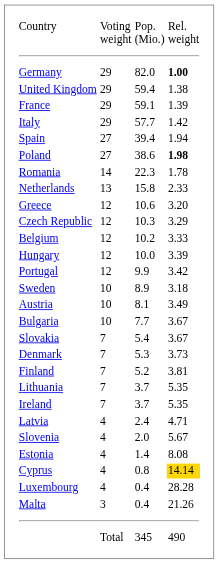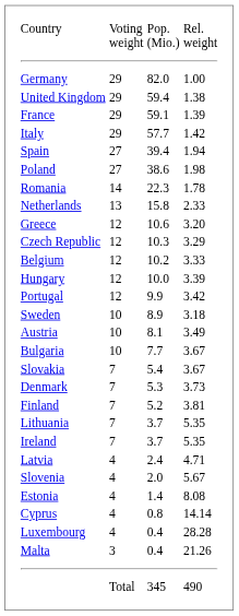 <table style="font-size:87%; float:right; clear:both; padding:1em; margin:0; margin:1em; border-width:1px; border-style:solid; border-color:gray; padding:1em">
 <tr valign=top>
 <td align=left>Country</td>
 <td>Voting<br>weight</td>
 <td>Pop.<br>(Mio.)</td>
 <td>Rel.<br>weight</td>
 </tr>
 <tr>
 <td colspan=4><hr></td>
 </tr>
 <tr>
 <td><a href='#'>Germany</a></td>
 <td>29</td>
 <td>82.0</td>
-<td><strong>1.00</strong></td>
+<td>1.00</td>
 </tr>
 <tr>
 <td><a href='#'>United Kingdom</a></td>
 <td>29</td>
 <td>59.4</td>
 <td>1.38</td>
 </tr>
 <tr>
 <td><a href='#'>France</a></td>
 <td>29</td>
 <td>59.1</td>
 <td>1.39</td>
 </tr>
 <tr>
 <td><a href='#'>Italy</a></td>
 <td>29</td>
 <td>57.7</td>
 <td>1.42</td>
 </tr>
 <tr>
 <td><a href='#'>Spain</a></td>
 <td>27</td>
 <td>39.4</td>
 <td>1.94</td>
 </tr>
 <tr>
 <td><a href='#'>Poland</a></td>
 <td>27</td>
 <td>38.6</td>
-<td><strong>1.98</strong></td>
+<td>1.98</td>
 </tr>
 <tr>
 <td><a href='#'>Romania</a></td>
 <td>14</td>
 <td>22.3</td>
 <td>1.78</td>
 </tr>
 <tr>
 <td><a href='#'>Netherlands</a></td>
 <td>13</td>
 <td>15.8</td>
 <td>2.33</td>
 </tr>
 <tr>
 <td><a href='#'>Greece</a></td>
 <td>12</td>
 <td>10.6</td>
 <td>3.20</td>
 </tr>
 <tr>
 <td><a href='#'>Czech Republic</a></td>
 <td>12</td>
 <td>10.3</td>
 <td>3.29</td>
 </tr>
 <tr>
 <td><a href='#'>Belgium</a></td>
 <td>12</td>
 <td>10.2</td>
 <td>3.33</td>
 </tr>
 <tr>
 <td><a href='#'>Hungary</a></td>
 <td>12</td>
 <td>10.0</td>
 <td>3.39</td>
 </tr>
 <tr>
 <td><a href='#'>Portugal</a></td>
 <td>12</td>
 <td>9.9</td>
 <td>3.42</td>
 </tr>
 <tr>
 <td><a href='#'>Sweden</a></td>
 <td>10</td>
 <td>8.9</td>
 <td>3.18</td>
 </tr>
 <tr>
 <td><a href='#'>Austria</a></td>
 <td>10</td>
 <td>8.1</td>
 <td>3.49</td>
 </tr>
 <tr>
 <td><a href='#'>Bulgaria</a></td>
 <td>10</td>
 <td>7.7</td>
 <td>3.67</td>
 </tr>
 <tr>
 <td><a href='#'>Slovakia</a></td>
 <td>7</td>
 <td>5.4</td>
 <td>3.67</td>
 </tr>
 <tr>
 <td><a href='#'>Denmark</a></td>
 <td>7</td>
 <td>5.3</td>
 <td>3.73</td>
 </tr>
 <tr>
 <td><a href='#'>Finland</a></td>
 <td>7</td>
 <td>5.2</td>
 <td>3.81</td>
 </tr>
 <tr>
 <td><a href='#'>Lithuania</a></td>
 <td>7</td>
 <td>3.7</td>
 <td>5.35</td>
 </tr>
 <tr>
 <td><a href='#'>Ireland</a></td>
 <td>7</td>
 <td>3.7</td>
 <td>5.35</td>
 </tr>
 <tr>
 <td><a href='#'>Latvia</a></td>
 <td>4</td>
 <td>2.4</td>
 <td>4.71</td>
 </tr>
 <tr>
 <td><a href='#'>Slovenia</a></td>
 <td>4</td>
 <td>2.0</td>
 <td>5.67</td>
 </tr>
 <tr>
 <td><a href='#'>Estonia</a></td>
 <td>4</td>
 <td>1.4</td>
 <td>8.08</td>
 </tr>
 <tr>
 <td><a href='#'>Cyprus</a></td>
 <td>4</td>
 <td>0.8</td>
-<td style="background: gold;">14.14</td>
+<td>14.14</td>
 </tr>
 <tr>
 <td><a href='#'>Luxembourg</a></td>
 <td>4</td>
 <td>0.4</td>
 <td>28.28</td>
 </tr>
 <tr>
 <td><a href='#'>Malta</a></td>
 <td>3</td>
 <td>0.4</td>
 <td>21.26</td>
 </tr>
 <tr>
 <td colspan=4><hr></td>
 </tr>
 <tr>
 <td> </td>
 <td>Total</td>
 <td>345</td>
 <td>490</td>
 </tr>
 </table>
